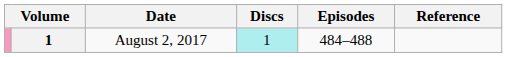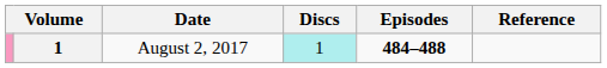 <table class="wikitable" style="text-align: center; width: 60%;">
 <tr>
 <th colspan="2">Volume</th>
 <th scope="col">Date</th>
 <th scope="col">Discs</th>
 <th scope="col">Episodes</th>
 <th scope="col">Reference</th>
 </tr>
 <tr>
 <td rowspan="2" width="1%" style="background: #FA98C0;"></td>
 <th scope="row">1</th>
 <td>August 2, 2017</td>
 <td style="background: paleturquoise;">1</td>
-<td>484–488</td>
+<td><strong>484–488</strong></td>
 <td></td>
 </tr>
 </table>
